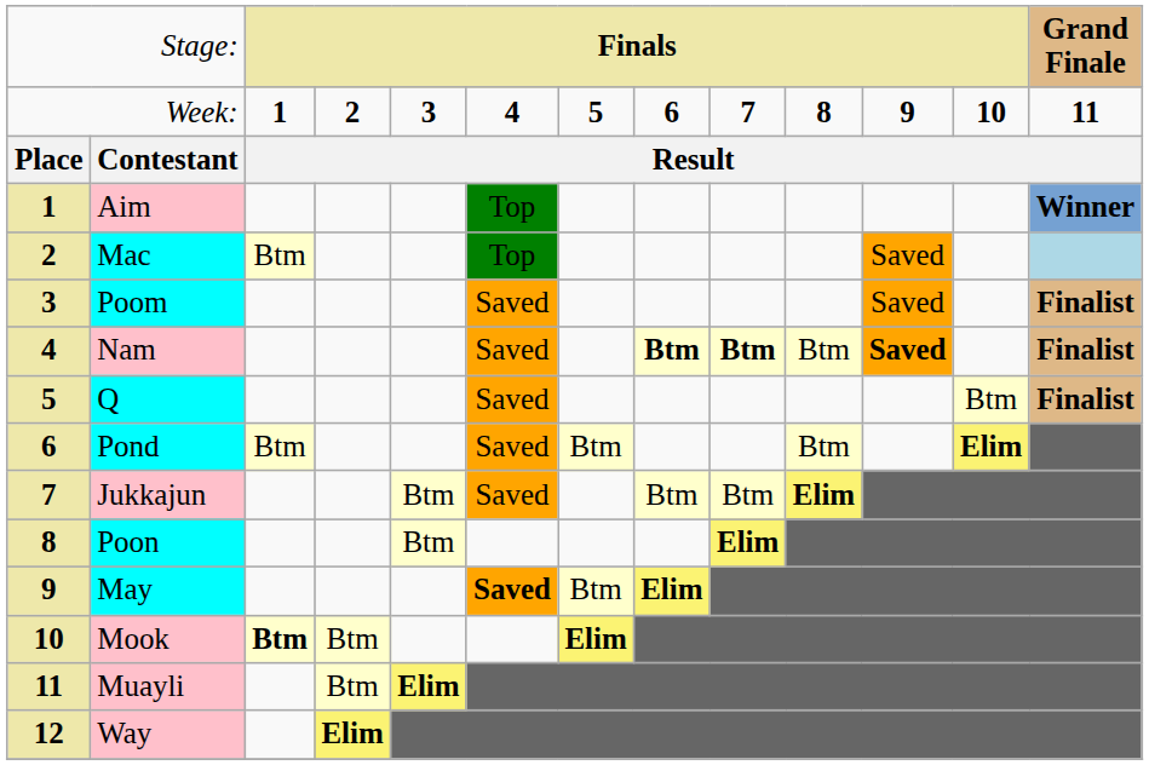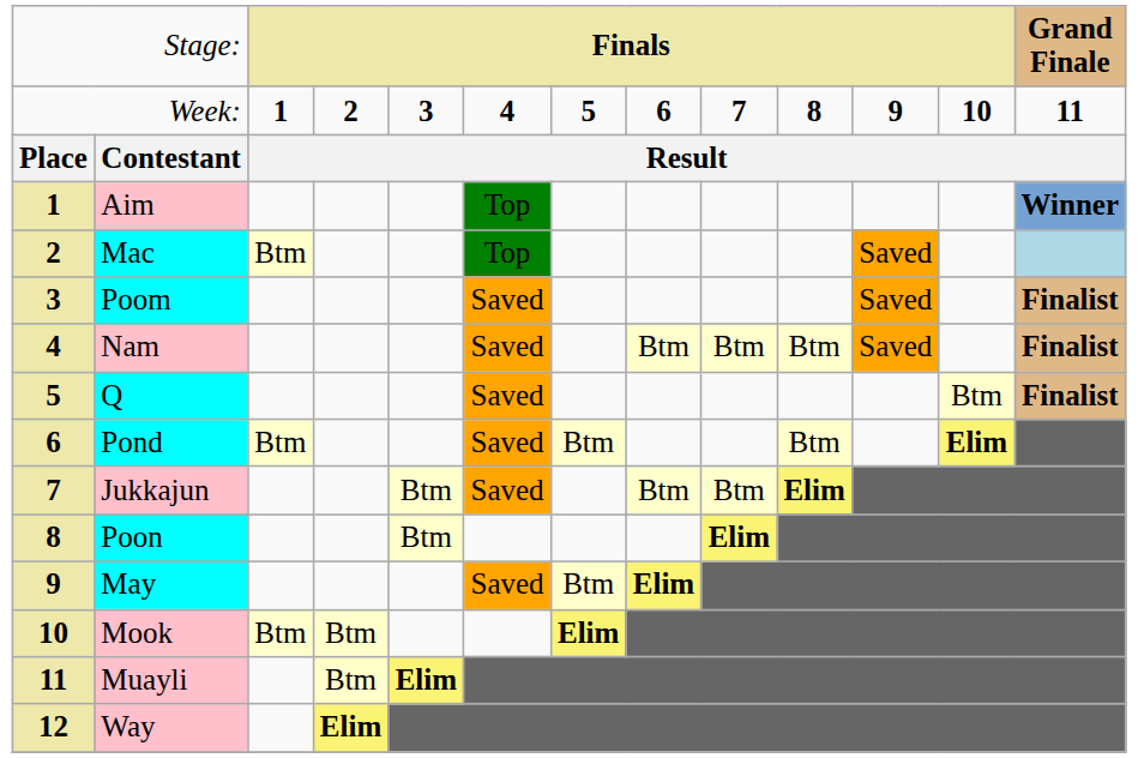 <table class="wikitable" width=40% style="margin:1em auto;">
 <tr>
 <td width=30% colspan="2" align="right"><em>Stage:</em></td>
 <td colspan="10" bgcolor="palegoldenrod" align="Center"><strong>Finals</strong></td>
 <td colspan="1" bgcolor="#DEB887" align="Center"><strong>Grand Finale</strong></td>
 </tr>
 <tr>
 <td colspan="2" align="right"><em>Week:</em></td>
 <td align="center"><strong>1</strong></td>
 <td align="center"><strong>2</strong></td>
 <td align="center"><strong>3</strong></td>
 <td align="center"><strong>4</strong></td>
 <td align="center"><strong>5</strong></td>
 <td align="center"><strong>6</strong></td>
 <td align="center"><strong>7</strong></td>
 <td align="center"><strong>8</strong></td>
 <td align="center"><strong>9</strong></td>
 <td align="center"><strong>10</strong></td>
 <td align="center"><strong>11</strong></td>
 </tr>
 <tr>
 <th>Place</th>
 <th>Contestant</th>
 <th colspan="11" align="center">Result</th>
 </tr>
 <tr>
 <td align="center" bgcolor="palegoldenrod"><strong>1</strong></td>
 <td bgcolor="pink">Aim</td>
 <td></td>
 <td></td>
 <td></td>
 <td bgcolor="green" align="center">Top</td>
 <td></td>
 <td></td>
 <td></td>
 <td></td>
 <td></td>
 <td></td>
 <td style="color:black; text-align:center; background-color:#75A1D2"><strong>Winner</strong></td>
 </tr>
 <tr>
 <td align="center" bgcolor="palegoldenrod"><strong>2</strong></td>
 <td bgcolor="cyan">Mac</td>
 <td bgcolor="FFFFCC" align="center">Btm</td>
 <td></td>
 <td></td>
 <td bgcolor="green" align="center">Top</td>
 <td></td>
 <td></td>
 <td></td>
 <td></td>
 <td bgcolor="orange" align="center">Saved</td>
 <td></td>
 <td bgcolor="lightblue" align="center"></td>
 </tr>
 <tr>
 <td align="center" bgcolor="palegoldenrod"><strong>3</strong></td>
 <td bgcolor="cyan">Poom</td>
 <td></td>
 <td></td>
 <td></td>
 <td bgcolor="orange" align="center">Saved</td>
 <td></td>
 <td></td>
 <td></td>
 <td></td>
 <td bgcolor="orange" align="center">Saved</td>
 <td></td>
 <td bgcolor="#DEB887" align="center"><strong>Finalist</strong></td>
 </tr>
 <tr>
 <td align="center" bgcolor="palegoldenrod"><strong>4</strong></td>
 <td bgcolor="pink">Nam</td>
 <td></td>
 <td></td>
 <td></td>
 <td bgcolor="orange" align="center">Saved</td>
 <td></td>
-<td bgcolor="FFFFCC" align="center"><strong>Btm</strong></td>
-<td bgcolor="FFFFCC" align="center"><strong>Btm</strong></td>
 <td bgcolor="FFFFCC" align="center">Btm</td>
-<td bgcolor="orange" align="center"><strong>Saved</strong></td>
+<td bgcolor="FFFFCC" align="center">Btm</td>
+<td bgcolor="FFFFCC" align="center">Btm</td>
+<td bgcolor="orange" align="center">Saved</td>
 <td></td>
 <td bgcolor="#DEB887" align="center"><strong>Finalist</strong></td>
 </tr>
 <tr>
 <td align="center" bgcolor="palegoldenrod"><strong>5</strong></td>
 <td bgcolor="cyan">Q</td>
 <td></td>
 <td></td>
 <td></td>
 <td bgcolor="orange" align="center">Saved</td>
 <td></td>
 <td></td>
 <td></td>
 <td></td>
 <td></td>
 <td bgcolor="FFFFCC" align="center">Btm</td>
 <td bgcolor="#DEB887" align="center"><strong>Finalist</strong></td>
 </tr>
 <tr>
 <td align="center" bgcolor="palegoldenrod"><strong>6</strong></td>
 <td bgcolor="cyan">Pond</td>
 <td bgcolor="FFFFCC" align="center">Btm</td>
 <td></td>
 <td></td>
 <td bgcolor="orange" align="center">Saved</td>
 <td bgcolor="FFFFCC" align="center">Btm</td>
 <td></td>
 <td></td>
 <td bgcolor="FFFFCC" align="center">Btm</td>
 <td></td>
 <td bgcolor="FBF373" align="center"><strong>Elim</strong></td>
 <td colspan="1" bgcolor="666666"></td>
 </tr>
 <tr>
 <td align="center" bgcolor="palegoldenrod"><strong>7</strong></td>
 <td bgcolor="pink">Jukkajun</td>
 <td></td>
 <td></td>
 <td bgcolor="FFFFCC" align="center">Btm</td>
 <td bgcolor="orange" align="center">Saved</td>
 <td></td>
 <td bgcolor="FFFFCC" align="center">Btm</td>
 <td bgcolor="FFFFCC" align="center">Btm</td>
 <td bgcolor="FBF373" align="center"><strong>Elim</strong></td>
 <td colspan="3" bgcolor="666666"></td>
 </tr>
 <tr>
 <td align="center" bgcolor="palegoldenrod"><strong>8</strong></td>
 <td bgcolor="cyan">Poon</td>
 <td></td>
 <td></td>
 <td bgcolor="FFFFCC" align="center">Btm</td>
 <td></td>
 <td></td>
 <td></td>
 <td bgcolor="FBF373" align="center"><strong>Elim</strong></td>
 <td colspan="4" bgcolor="666666"></td>
 </tr>
 <tr>
 <td align="center" bgcolor="palegoldenrod"><strong>9</strong></td>
 <td bgcolor="cyan">May</td>
 <td></td>
 <td></td>
 <td></td>
-<td bgcolor="orange" align="center"><strong>Saved</strong></td>
+<td bgcolor="orange" align="center">Saved</td>
 <td bgcolor="FFFFCC" align="center">Btm</td>
 <td bgcolor="FBF373" align="center"><strong>Elim</strong></td>
 <td colspan="5" bgcolor="666666"></td>
 </tr>
 <tr>
 <td align="center" bgcolor="palegoldenrod"><strong>10</strong></td>
 <td bgcolor="pink">Mook</td>
-<td bgcolor="FFFFCC" align="center"><strong>Btm</strong></td>
+<td bgcolor="FFFFCC" align="center">Btm</td>
 <td bgcolor="FFFFCC" align="center">Btm</td>
 <td></td>
 <td></td>
 <td bgcolor="FBF373" align="center"><strong>Elim</strong></td>
 <td colspan="6" bgcolor="666666"></td>
 </tr>
 <tr>
 <td align="center" bgcolor="palegoldenrod"><strong>11</strong></td>
 <td bgcolor="pink">Muayli</td>
 <td></td>
 <td bgcolor="FFFFCC" align="center">Btm</td>
 <td bgcolor="FBF373" align="center"><strong>Elim</strong></td>
 <td colspan="8" bgcolor="666666"></td>
 </tr>
 <tr>
 <td align="center" bgcolor="palegoldenrod"><strong>12</strong></td>
 <td bgcolor="pink">Way</td>
 <td></td>
 <td bgcolor="FBF373" align="center"><strong>Elim</strong></td>
 <td colspan="9" bgcolor="666666"></td>
 </tr>
 <tr>
 </tr>
 </table>
